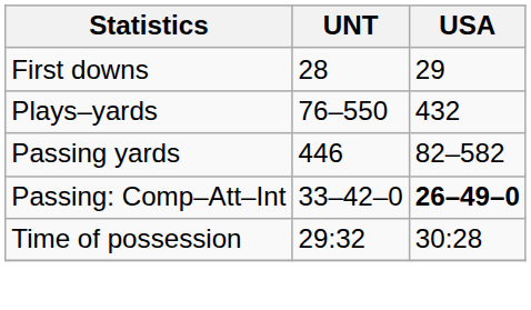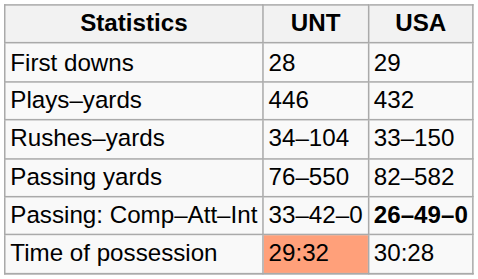 <table class="wikitable" style="float: left;">
 <tr>
 <th>Statistics</th>
 <th>UNT</th>
 <th>USA</th>
 </tr>
 <tr>
 <td>First downs</td>
 <td>28</td>
 <td>29</td>
 </tr>
 <tr>
 <td>Plays–yards</td>
-<td>76–550</td>
+<td>446</td>
 <td>432</td>
 </tr>
 <tr>
+<td>Rushes–yards</td>
+<td>34–104</td>
+<td>33–150</td>
+</tr>
+<tr>
 <td>Passing yards</td>
-<td>446</td>
+<td>76–550</td>
 <td>82–582</td>
 </tr>
 <tr>
 <td>Passing: Comp–Att–Int</td>
 <td>33–42–0</td>
 <td><strong>26–49–0</strong></td>
 </tr>
 <tr>
 <td>Time of possession</td>
-<td>29:32</td>
+<td style="background: lightsalmon;">29:32</td>
 <td>30:28</td>
 </tr>
 <tr>
 </tr>
 </table>
